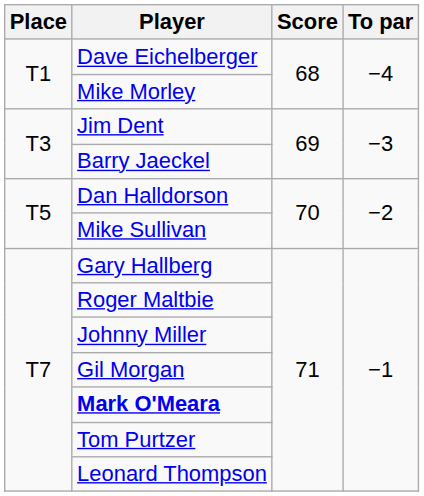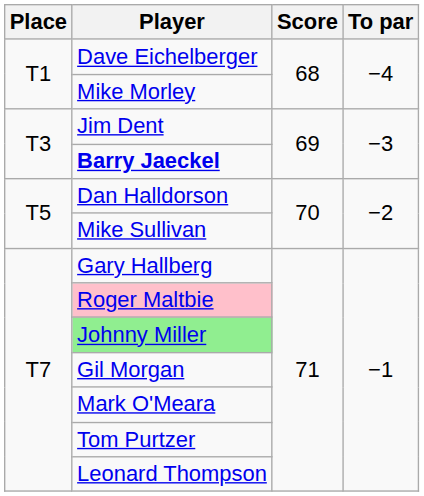 <table class="wikitable">
 <tr>
 <th>Place</th>
 <th>Player</th>
 <th>Score</th>
 <th>To par</th>
 </tr>
 <tr>
 <td align=center rowspan=2>T1</td>
 <td> <a href='#'>Dave Eichelberger</a></td>
 <td rowspan=2 align=center>68</td>
 <td align=center rowspan=2>−4</td>
 </tr>
 <tr>
 <td> <a href='#'>Mike Morley</a></td>
 </tr>
 <tr>
 <td align=center rowspan=2>T3</td>
 <td> <a href='#'>Jim Dent</a></td>
 <td rowspan=2 align=center>69</td>
 <td align=center rowspan=2>−3</td>
 </tr>
 <tr>
-<td> <a href='#'>Barry Jaeckel</a></td>
+<td><strong> <a href='#'>Barry Jaeckel</a></strong></td>
 </tr>
 <tr>
 <td align=center rowspan=2>T5</td>
 <td> <a href='#'>Dan Halldorson</a></td>
 <td rowspan=2 align=center>70</td>
 <td align=center rowspan=2>−2</td>
 </tr>
 <tr>
 <td> <a href='#'>Mike Sullivan</a></td>
 </tr>
 <tr>
 <td align=center rowspan=7>T7</td>
 <td> <a href='#'>Gary Hallberg</a></td>
 <td rowspan=7 align=center>71</td>
 <td align=center rowspan=7>−1</td>
 </tr>
 <tr>
-<td> <a href='#'>Roger Maltbie</a></td>
+<td style="background: pink;"> <a href='#'>Roger Maltbie</a></td>
 </tr>
 <tr>
-<td> <a href='#'>Johnny Miller</a></td>
+<td style="background: lightgreen;"> <a href='#'>Johnny Miller</a></td>
 </tr>
 <tr>
 <td> <a href='#'>Gil Morgan</a></td>
 </tr>
 <tr>
-<td><strong> <a href='#'>Mark O'Meara</a></strong></td>
+<td> <a href='#'>Mark O'Meara</a></td>
 </tr>
 <tr>
 <td> <a href='#'>Tom Purtzer</a></td>
 </tr>
 <tr>
 <td> <a href='#'>Leonard Thompson</a></td>
 </tr>
 </table>
